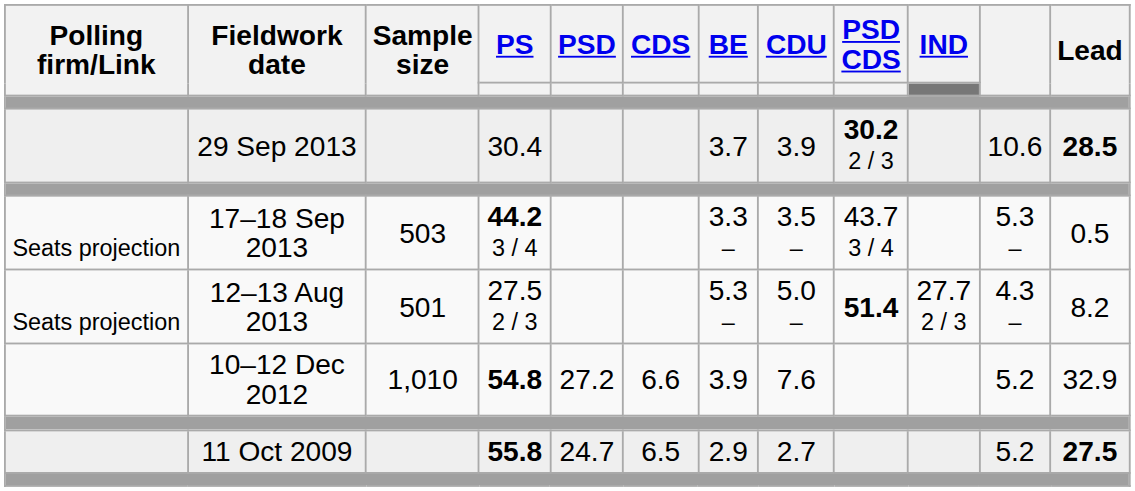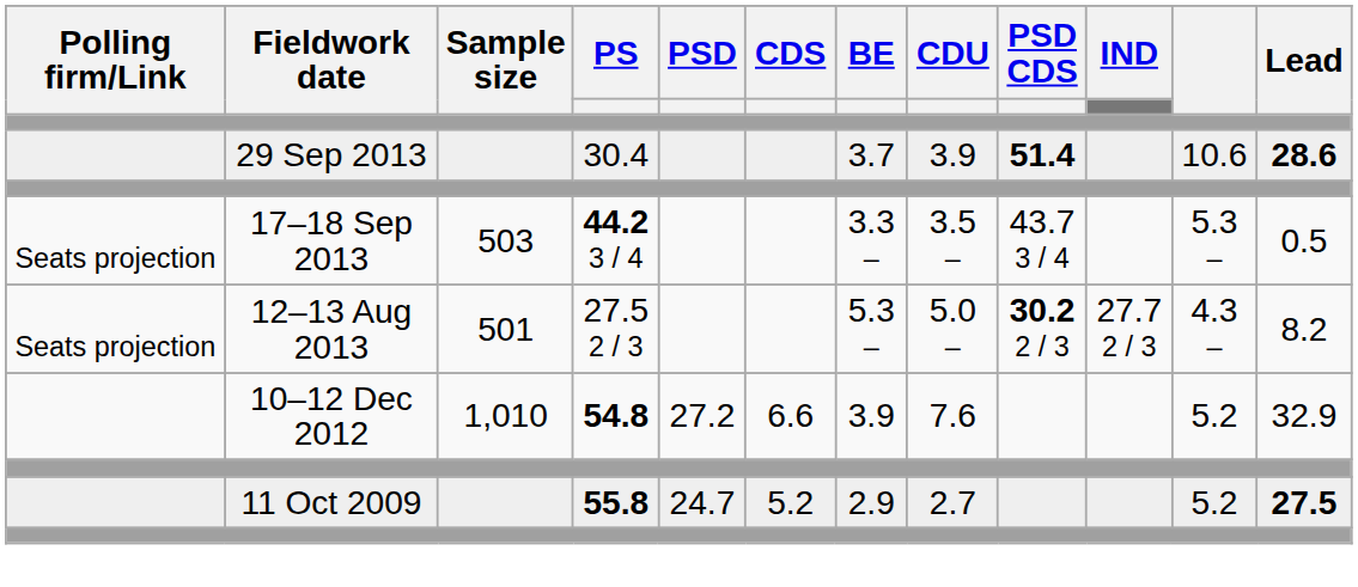 <table class="wikitable collapsible sortable" style="text-align:center; font-size:95%; line-height:16px;">
 <tr style="height:42px;">
 <th style="width:145px;" rowspan="2">Polling firm/Link</th>
 <th style="width:125px;" rowspan="2">Fieldwork date</th>
 <th class="unsortable" style="width:50px;" rowspan="2">Sample size</th>
 <th class="unsortable" style="width:35px;"><a href='#'>PS</a></th>
 <th class="unsortable" style="width:35px;"><a href='#'>PSD</a></th>
 <th class="unsortable" style="width:35px;"><a href='#'>CDS</a></th>
 <th class="unsortable" style="width:35px;"><a href='#'>BE</a></th>
 <th class="unsortable" style="width:35px;"><a href='#'>CDU</a></th>
 <th class="unsortable" style="width:35px;"><a href='#'>PSD</a><br><a href='#'>CDS</a></th>
 <th class="unsortable" style="width:35px;"><a href='#'>IND</a></th>
 <th class="unsortable" style="width:35px;" rowspan="2"></th>
 <th class="unsortable" style="width:30px;" rowspan="2">Lead</th>
 </tr>
 <tr>
 <th class="unsortable" style="color:inherit;background:"></th>
 <th class="unsortable" style="color:inherit;background:"></th>
 <th class="unsortable" style="color:inherit;background:"></th>
 <th class="unsortable" style="color:inherit;background:"></th>
 <th class="unsortable" style="color:inherit;background:"></th>
 <th class="unsortable" style="color:inherit;background:"></th>
 <th class="unsortable" style="color:inherit;background:#777777;"></th>
 </tr>
 <tr>
 <td colspan="13" style="background:#A0A0A0"></td>
 </tr>
 <tr style="background:#EFEFEF;">
 <td><strong></strong></td>
 <td data-sort-value="2019-10-06">29 Sep 2013</td>
 <td></td>
 <td>30.4<br></td>
 <td></td>
 <td></td>
 <td>3.7<br></td>
 <td>3.9<br></td>
-<td align="center" ><strong>30.2</strong><br><small>2 / 3 </small></td>
+<td><strong>51.4</strong><br></td>
 <td></td>
 <td>10.6<br></td>
-<td style="background:"><strong>28.5</strong></td>
+<td style="background:"><strong>28.6</strong></td>
 </tr>
 <tr>
 <td colspan="13" style="background:#A0A0A0"></td>
 </tr>
 <tr>
 <td align="center"><br><small>Seats projection</small></td>
 <td align="center">17–18 Sep 2013</td>
 <td>503</td>
 <td align="center" ><strong>44.2</strong><br><small>3 / 4 </small></td>
 <td></td>
 <td></td>
 <td align="center">3.3<br><small> – </small></td>
 <td align="center">3.5<br><small> – </small></td>
 <td align="center">43.7<br><small>3 / 4 </small></td>
 <td></td>
 <td align="center">5.3<br><small> – </small></td>
 <td style="background:">0.5</td>
 </tr>
 <tr>
 <td align="center"><br><small>Seats projection</small></td>
 <td align="center">12–13 Aug 2013</td>
 <td>501</td>
 <td align="center">27.5<br><small>2 / 3 </small></td>
 <td></td>
 <td></td>
 <td align="center">5.3<br><small> – </small></td>
 <td align="center">5.0<br><small> – </small></td>
-<td><strong>51.4</strong><br></td>
+<td align="center" ><strong>30.2</strong><br><small>2 / 3 </small></td>
 <td align="center">27.7<br><small>2 / 3 </small></td>
 <td align="center">4.3<br><small> – </small></td>
 <td style="background:">8.2</td>
 </tr>
 <tr>
 <td align="center"></td>
 <td align="center">10–12 Dec 2012</td>
 <td>1,010</td>
 <td align="center" ><strong>54.8</strong></td>
 <td align="center">27.2</td>
 <td align="center">6.6</td>
 <td align="center">3.9</td>
 <td align="center">7.6</td>
 <td></td>
 <td></td>
 <td align="center">5.2</td>
 <td style="background:">32.9</td>
 </tr>
 <tr>
 <td colspan="13" style="background:#A0A0A0"></td>
 </tr>
 <tr style="background:#EFEFEF;">
 <td><strong></strong></td>
 <td data-sort-value="2019-10-06">11 Oct 2009</td>
 <td></td>
 <td><strong>55.8</strong><br></td>
 <td>24.7<br></td>
-<td>6.5<br></td>
+<td>5.2<br></td>
 <td>2.9<br></td>
 <td>2.7<br></td>
 <td></td>
 <td></td>
 <td>5.2<br></td>
 <td style="background:"><strong>27.5</strong></td>
 </tr>
 <tr>
 <td colspan="13" style="background:#A0A0A0"></td>
 </tr>
 </table>
